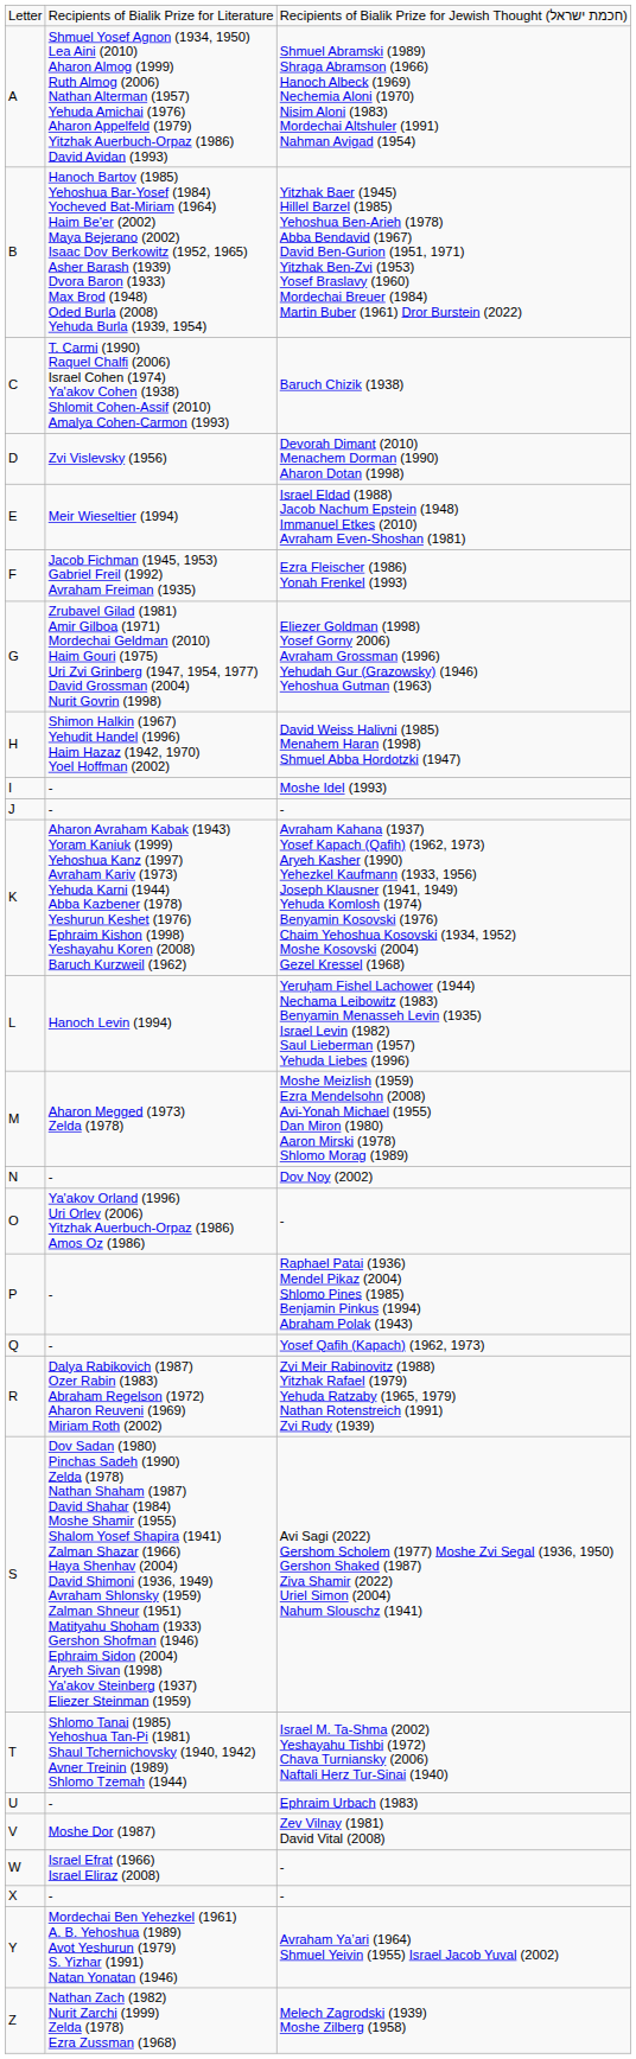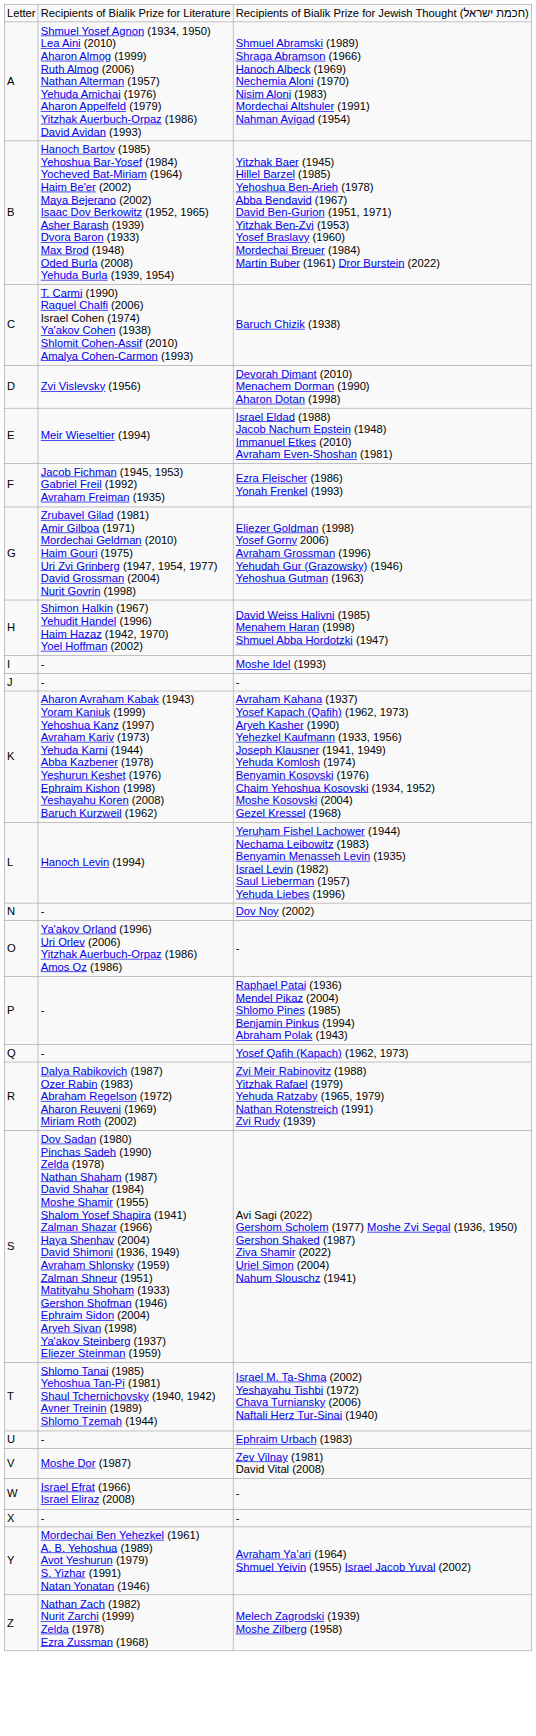 <table class="wikitable" style="text-align:left">
 <tr>
 <td>Letter</td>
 <td>Recipients of Bialik Prize for Literature</td>
 <td>Recipients of Bialik Prize for Jewish Thought (חכמת ישראל)</td>
 </tr>
 <tr>
 <td>A</td>
 <td><a href='#'>Shmuel Yosef Agnon</a> (1934, 1950)<br><a href='#'>Lea Aini</a> (2010)<br><a href='#'>Aharon Almog</a> (1999)<br><a href='#'>Ruth Almog</a> (2006)<br><a href='#'>Nathan Alterman</a> (1957)<br><a href='#'>Yehuda Amichai</a> (1976)<br><a href='#'>Aharon Appelfeld</a> (1979)<br><a href='#'>Yitzhak Auerbuch-Orpaz</a> (1986)<br><a href='#'>David Avidan</a> (1993)</td>
 <td><a href='#'>Shmuel Abramski</a> (1989)<br><a href='#'>Shraga Abramson</a> (1966)<br><a href='#'>Hanoch Albeck</a> (1969)<br><a href='#'>Nechemia Aloni</a> (1970)<br><a href='#'>Nisim Aloni</a> (1983)<br><a href='#'>Mordechai Altshuler</a> (1991)<br><a href='#'>Nahman Avigad</a> (1954)</td>
 </tr>
 <tr>
 <td>B</td>
 <td><a href='#'>Hanoch Bartov</a> (1985)<br><a href='#'>Yehoshua Bar-Yosef</a> (1984)<br><a href='#'>Yocheved Bat-Miriam</a> (1964)<br><a href='#'>Haim Be'er</a> (2002)<br><a href='#'>Maya Bejerano</a> (2002)<br><a href='#'>Isaac Dov Berkowitz</a> (1952, 1965)<br><a href='#'>Asher Barash</a> (1939)<br><a href='#'>Dvora Baron</a> (1933)<br><a href='#'>Max Brod</a> (1948)<br><a href='#'>Oded Burla</a> (2008)<br><a href='#'>Yehuda Burla</a> (1939, 1954)</td>
 <td><a href='#'>Yitzhak Baer</a> (1945)<br><a href='#'>Hillel Barzel</a> (1985)<br><a href='#'>Yehoshua Ben-Arieh</a> (1978)<br><a href='#'>Abba Bendavid</a> (1967)<br><a href='#'>David Ben-Gurion</a> (1951, 1971)<br><a href='#'>Yitzhak Ben-Zvi</a> (1953)<br><a href='#'>Yosef Braslavy</a> (1960)<br><a href='#'>Mordechai Breuer</a> (1984)<br><a href='#'>Martin Buber</a> (1961) <a href='#'>Dror Burstein</a> (2022)</td>
 </tr>
 <tr>
 <td>C</td>
 <td><a href='#'>T. Carmi</a> (1990)<br><a href='#'>Raquel Chalfi</a> (2006)<br>Israel Cohen (1974)<br><a href='#'>Ya'akov Cohen</a> (1938)<br><a href='#'>Shlomit Cohen-Assif</a> (2010)<br><a href='#'>Amalya Cohen-Carmon</a> (1993)</td>
 <td><a href='#'>Baruch Chizik</a> (1938)</td>
 </tr>
 <tr>
 <td>D</td>
 <td><a href='#'>Zvi Vislevsky</a> (1956)</td>
 <td><a href='#'>Devorah Dimant</a> (2010)<br><a href='#'>Menachem Dorman</a> (1990)<br><a href='#'>Aharon Dotan</a> (1998)</td>
 </tr>
 <tr>
 <td>E</td>
 <td><a href='#'>Meir Wieseltier</a> (1994)</td>
 <td><a href='#'>Israel Eldad</a> (1988)<br><a href='#'>Jacob Nachum Epstein</a> (1948)<br><a href='#'>Immanuel Etkes</a> (2010)<br><a href='#'>Avraham Even-Shoshan</a> (1981)</td>
 </tr>
 <tr>
 <td>F</td>
 <td><a href='#'>Jacob Fichman</a> (1945, 1953)<br><a href='#'>Gabriel Freil</a> (1992)<br><a href='#'>Avraham Freiman</a> (1935)</td>
 <td><a href='#'>Ezra Fleischer</a> (1986)<br><a href='#'>Yonah Frenkel</a> (1993)</td>
 </tr>
 <tr>
 <td>G</td>
 <td><a href='#'>Zrubavel Gilad</a> (1981)<br><a href='#'>Amir Gilboa</a> (1971)<br><a href='#'>Mordechai Geldman</a> (2010)<br><a href='#'>Haim Gouri</a> (1975)<br><a href='#'>Uri Zvi Grinberg</a> (1947, 1954, 1977)<br><a href='#'>David Grossman</a> (2004)<br><a href='#'>Nurit Govrin</a> (1998)</td>
 <td><a href='#'>Eliezer Goldman</a> (1998)<br><a href='#'>Yosef Gorny</a> 2006)<br><a href='#'>Avraham Grossman</a> (1996)<br><a href='#'>Yehudah Gur (Grazowsky)</a> (1946)<br><a href='#'>Yehoshua Gutman</a> (1963)</td>
 </tr>
 <tr>
 <td>H</td>
 <td><a href='#'>Shimon Halkin</a> (1967)<br><a href='#'>Yehudit Handel</a> (1996)<br><a href='#'>Haim Hazaz</a> (1942, 1970)<br><a href='#'>Yoel Hoffman</a> (2002)</td>
 <td><a href='#'>David Weiss Halivni</a> (1985)<br><a href='#'>Menahem Haran</a>  (1998)<br><a href='#'>Shmuel Abba Hordotzki</a> (1947)</td>
 </tr>
 <tr>
 <td>I</td>
 <td>-</td>
 <td><a href='#'>Moshe Idel</a> (1993)</td>
 </tr>
 <tr>
 <td>J</td>
 <td>-</td>
 <td>-</td>
 </tr>
 <tr>
 <td>K</td>
 <td><a href='#'>Aharon Avraham Kabak</a> (1943)<br><a href='#'>Yoram Kaniuk</a> (1999)<br><a href='#'>Yehoshua Kanz</a> (1997)<br><a href='#'>Avraham Kariv</a> (1973)<br><a href='#'>Yehuda Karni</a> (1944)<br><a href='#'>Abba Kazbener</a> (1978)<br><a href='#'>Yeshurun Keshet</a> (1976)<br><a href='#'>Ephraim Kishon</a> (1998)<br><a href='#'>Yeshayahu Koren</a> (2008)<br><a href='#'>Baruch Kurzweil</a> (1962)</td>
 <td><a href='#'>Avraham Kahana</a> (1937)<br><a href='#'>Yosef Kapach (Qafih)</a> (1962, 1973)<br><a href='#'>Aryeh Kasher</a> (1990)<br><a href='#'>Yehezkel Kaufmann</a> (1933, 1956)<br><a href='#'>Joseph Klausner</a> (1941, 1949)<br><a href='#'>Yehuda Komlosh</a> (1974)<br><a href='#'>Benyamin Kosovski</a> (1976)<br><a href='#'>Chaim Yehoshua Kosovski</a> (1934, 1952)<br><a href='#'>Moshe Kosovski</a> (2004)<br><a href='#'>Gezel Kressel</a> (1968)</td>
 </tr>
 <tr>
 <td>L</td>
 <td><a href='#'>Hanoch Levin</a> (1994)</td>
 <td><a href='#'>Yeruḥam Fishel Lachower</a> (1944)<br><a href='#'>Nechama Leibowitz</a> (1983)<br><a href='#'>Benyamin Menasseh Levin</a> (1935)<br><a href='#'>Israel Levin</a> (1982)<br><a href='#'>Saul Lieberman</a> (1957)<br><a href='#'>Yehuda Liebes</a> (1996)</td>
 </tr>
 <tr>
-<td>M</td>
-<td><a href='#'>Aharon Megged</a> (1973)<br><a href='#'>Zelda</a> (1978)</td>
-<td><a href='#'>Moshe Meizlish</a> (1959)<br><a href='#'>Ezra Mendelsohn</a> (2008)<br><a href='#'>Avi-Yonah Michael</a> (1955)<br><a href='#'>Dan Miron</a> (1980)<br><a href='#'>Aaron Mirski</a> (1978)<br><a href='#'>Shlomo Morag</a> (1989)</td>
-</tr>
-<tr>
 <td>N</td>
 <td>-</td>
 <td><a href='#'>Dov Noy</a> (2002)</td>
 </tr>
 <tr>
 <td>O</td>
 <td><a href='#'>Ya'akov Orland</a> (1996)<br><a href='#'>Uri Orlev</a> (2006)<br><a href='#'>Yitzhak Auerbuch-Orpaz</a> (1986)<br><a href='#'>Amos Oz</a> (1986)</td>
 <td>-</td>
 </tr>
 <tr>
 <td>P</td>
 <td>-</td>
 <td><a href='#'>Raphael Patai</a> (1936)<br><a href='#'>Mendel Pikaz</a> (2004)<br><a href='#'>Shlomo Pines</a> (1985)<br><a href='#'>Benjamin Pinkus</a> (1994)<br><a href='#'>Abraham Polak</a> (1943)</td>
 </tr>
 <tr>
 <td>Q</td>
 <td>-</td>
 <td><a href='#'>Yosef Qafih (Kapach)</a> (1962, 1973)</td>
 </tr>
 <tr>
 <td>R</td>
 <td><a href='#'>Dalya Rabikovich</a> (1987)<br><a href='#'>Ozer Rabin</a> (1983)<br><a href='#'>Abraham Regelson</a> (1972)<br><a href='#'>Aharon Reuveni</a> (1969)<br><a href='#'>Miriam Roth</a> (2002)</td>
 <td><a href='#'>Zvi Meir Rabinovitz</a> (1988)<br><a href='#'>Yitzhak Rafael</a> (1979)<br><a href='#'>Yehuda Ratzaby</a> (1965, 1979)<br><a href='#'>Nathan Rotenstreich</a> (1991)<br><a href='#'>Zvi Rudy</a> (1939)</td>
 </tr>
 <tr>
 <td>S</td>
 <td><a href='#'>Dov Sadan</a> (1980)<br><a href='#'>Pinchas Sadeh</a> (1990)<br><a href='#'>Zelda</a> (1978)<br><a href='#'>Nathan Shaham</a> (1987)<br><a href='#'>David Shahar</a> (1984)<br><a href='#'>Moshe Shamir</a> (1955)<br><a href='#'>Shalom Yosef Shapira</a> (1941)<br><a href='#'>Zalman Shazar</a> (1966)<br><a href='#'>Haya Shenhav</a> (2004)<br><a href='#'>David Shimoni</a> (1936, 1949)<br><a href='#'>Avraham Shlonsky</a> (1959)<br><a href='#'>Zalman Shneur</a> (1951)<br><a href='#'>Matityahu Shoham</a> (1933)<br><a href='#'>Gershon Shofman</a> (1946)<br><a href='#'>Ephraim Sidon</a> (2004)<br><a href='#'>Aryeh Sivan</a> (1998)<br><a href='#'>Ya'akov Steinberg</a> (1937)<br><a href='#'>Eliezer Steinman</a> (1959)</td>
 <td>Avi Sagi (2022)<br><a href='#'>Gershom Scholem</a> (1977) <a href='#'>Moshe Zvi Segal</a> (1936, 1950)<br><a href='#'>Gershon Shaked</a> (1987)<br><a href='#'>Ziva Shamir</a> (2022)<br><a href='#'>Uriel Simon</a>  (2004)<br><a href='#'>Nahum Slouschz</a> (1941)</td>
 </tr>
 <tr>
 <td>T</td>
 <td><a href='#'>Shlomo Tanai</a> (1985)<br><a href='#'>Yehoshua Tan-Pi</a> (1981)<br><a href='#'>Shaul Tchernichovsky</a> (1940, 1942)<br><a href='#'>Avner Treinin</a> (1989)<br><a href='#'>Shlomo Tzemah</a> (1944)</td>
 <td><a href='#'>Israel M. Ta-Shma</a> (2002)<br><a href='#'>Yeshayahu Tishbi</a> (1972)<br><a href='#'>Chava Turniansky</a> (2006)<br><a href='#'>Naftali Herz Tur-Sinai</a> (1940)</td>
 </tr>
 <tr>
 <td>U</td>
 <td>-</td>
 <td><a href='#'>Ephraim Urbach</a> (1983)</td>
 </tr>
 <tr>
 <td>V</td>
 <td><a href='#'>Moshe Dor</a> (1987)</td>
 <td><a href='#'>Zev Vilnay</a> (1981)<br>David Vital (2008)</td>
 </tr>
 <tr>
 <td>W</td>
 <td><a href='#'>Israel Efrat</a> (1966)<br><a href='#'>Israel Eliraz</a> (2008)</td>
 <td>-</td>
 </tr>
 <tr>
 <td>X</td>
 <td>-</td>
 <td>-</td>
 </tr>
 <tr>
 <td>Y</td>
 <td><a href='#'>Mordechai Ben Yehezkel</a> (1961)<br><a href='#'>A. B. Yehoshua</a> (1989)<br><a href='#'>Avot Yeshurun</a> (1979)<br><a href='#'>S. Yizhar</a> (1991)<br><a href='#'>Natan Yonatan</a> (1946)</td>
 <td><a href='#'>Avraham Ya’ari</a> (1964)<br><a href='#'>Shmuel Yeivin</a> (1955) <a href='#'>Israel Jacob Yuval</a> (2002)</td>
 </tr>
 <tr>
 <td>Z</td>
 <td><a href='#'>Nathan Zach</a> (1982)<br><a href='#'>Nurit Zarchi</a> (1999)<br><a href='#'>Zelda</a> (1978)<br><a href='#'>Ezra Zussman</a> (1968)</td>
 <td><a href='#'>Melech Zagrodski</a> (1939)<br><a href='#'>Moshe Zilberg</a> (1958)</td>
 </tr>
 </table>
